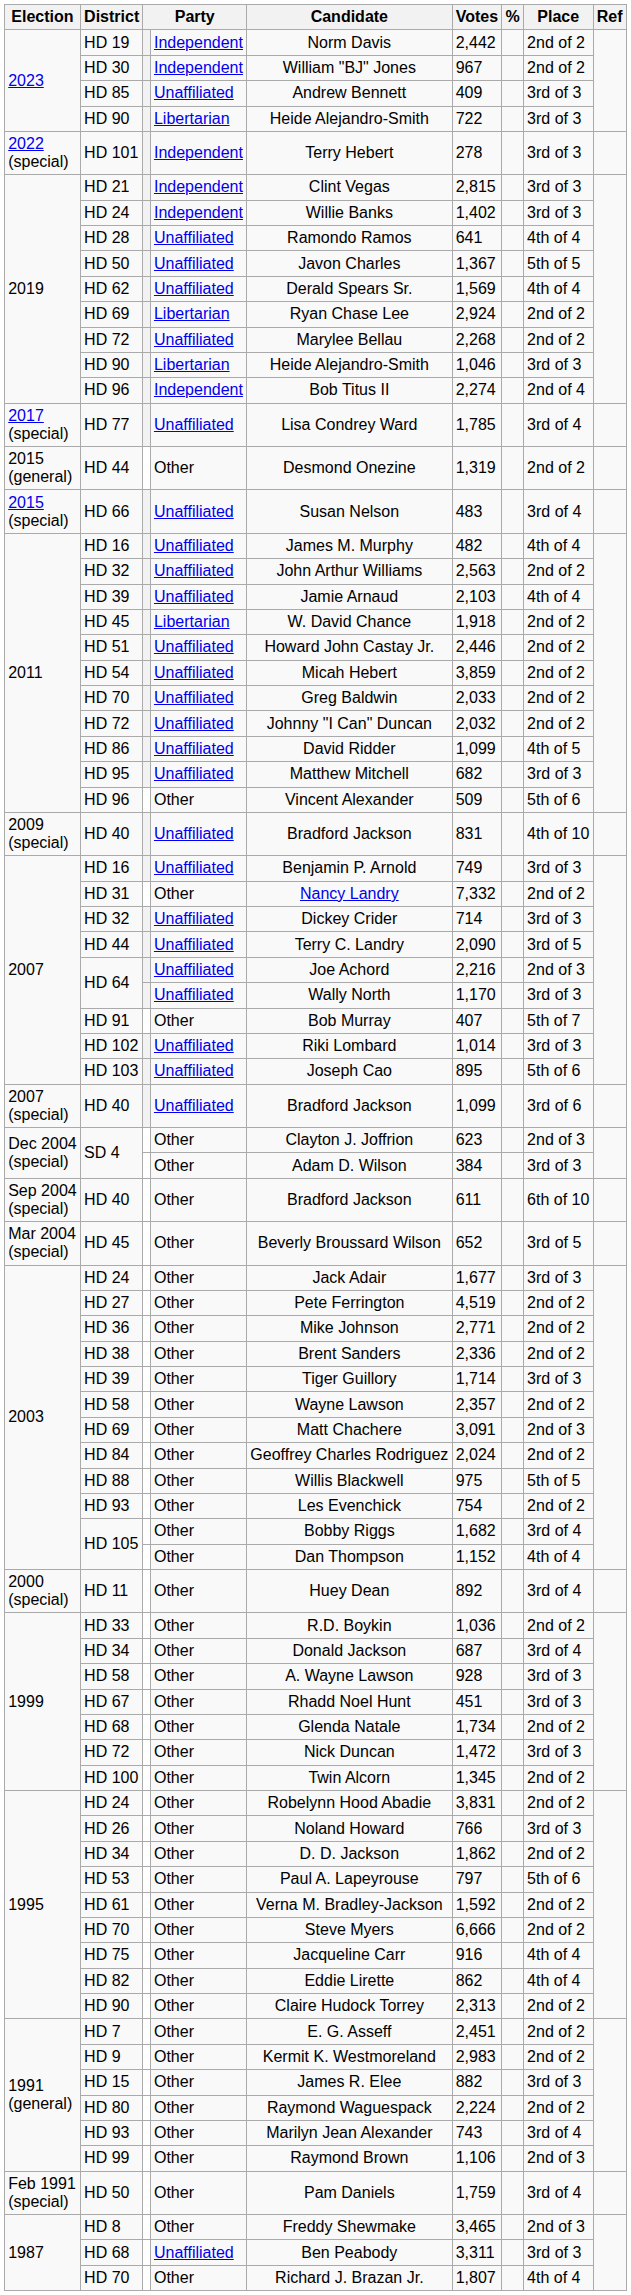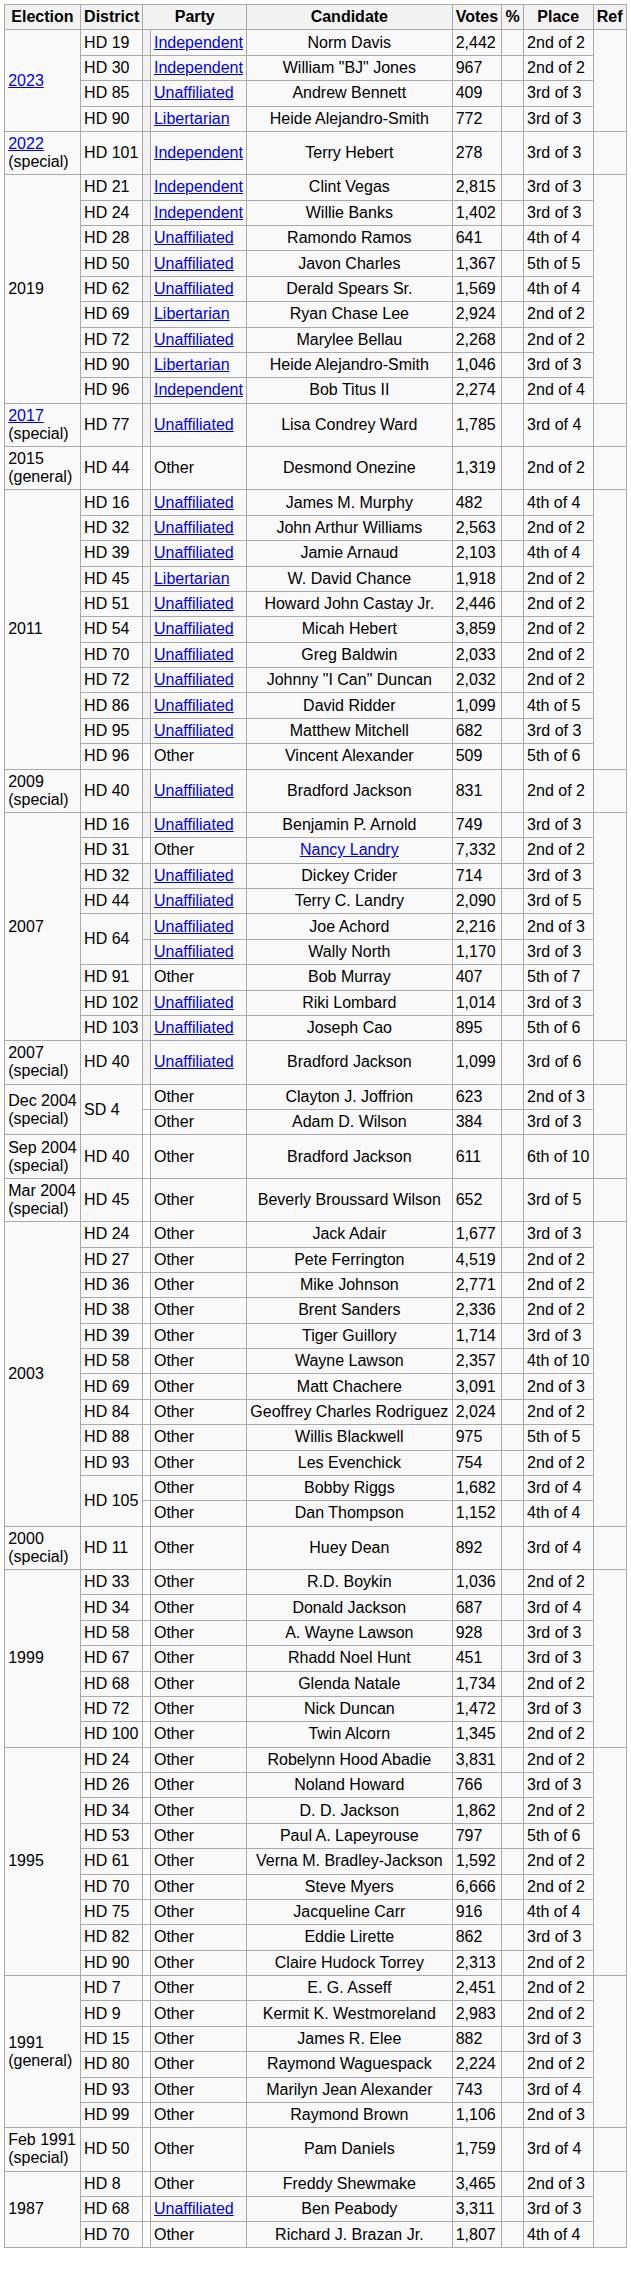 <table class="wikitable sortable">
 <tr>
 <th>Election</th>
 <th>District</th>
 <th colspan=2>Party</th>
 <th>Candidate</th>
 <th>Votes</th>
 <th>%</th>
 <th>Place</th>
 <th>Ref</th>
 </tr>
 <tr>
 <td rowspan=4><a href='#'>2023</a></td>
 <td>HD 19</td>
 <th style="background-color:"></th>
 <td><a href='#'>Independent</a></td>
 <td align="center">Norm Davis</td>
 <td>2,442</td>
 <td></td>
 <td>2nd of 2</td>
 <td rowspan=4></td>
 </tr>
 <tr>
 <td>HD 30</td>
 <th style="background-color:"></th>
 <td><a href='#'>Independent</a></td>
 <td align="center">William "BJ" Jones</td>
 <td>967</td>
 <td></td>
 <td>2nd of 2</td>
 </tr>
 <tr>
 <td>HD 85</td>
 <th style="background-color:"></th>
 <td><a href='#'>Unaffiliated</a></td>
 <td align="center">Andrew Bennett</td>
 <td>409</td>
 <td></td>
 <td>3rd of 3</td>
 </tr>
 <tr>
 <td>HD 90</td>
 <th style="background-color:"></th>
 <td><a href='#'>Libertarian</a></td>
 <td align="center">Heide Alejandro-Smith</td>
-<td>722</td>
+<td>772</td>
 <td></td>
 <td>3rd of 3</td>
 </tr>
 <tr>
 <td rowspan=1><a href='#'>2022</a><br>(special)</td>
 <td>HD 101</td>
 <th style="background-color:"></th>
 <td><a href='#'>Independent</a></td>
 <td align="center">Terry Hebert</td>
 <td>278</td>
 <td></td>
 <td>3rd of 3</td>
 <td rowspan=1></td>
 </tr>
 <tr>
 <td rowspan=9>2019</td>
 <td>HD 21</td>
 <th style="background-color:"></th>
 <td><a href='#'>Independent</a></td>
 <td align="center">Clint Vegas</td>
 <td>2,815</td>
 <td></td>
 <td>3rd of 3</td>
 <td rowspan=9></td>
 </tr>
 <tr>
 <td>HD 24</td>
 <th style="background-color:"></th>
 <td><a href='#'>Independent</a></td>
 <td align="center">Willie Banks</td>
 <td>1,402</td>
 <td></td>
 <td>3rd of 3</td>
 </tr>
 <tr>
 <td>HD 28</td>
 <th style="background-color:"></th>
 <td><a href='#'>Unaffiliated</a></td>
 <td align="center">Ramondo Ramos</td>
 <td>641</td>
 <td></td>
 <td>4th of 4</td>
 </tr>
 <tr>
 <td>HD 50</td>
 <th style="background-color:"></th>
 <td><a href='#'>Unaffiliated</a></td>
 <td align="center">Javon Charles</td>
 <td>1,367</td>
 <td></td>
 <td>5th of 5</td>
 </tr>
 <tr>
 <td>HD 62</td>
 <th style="background-color:"></th>
 <td><a href='#'>Unaffiliated</a></td>
 <td align="center">Derald Spears Sr.</td>
 <td>1,569</td>
 <td></td>
 <td>4th of 4</td>
 </tr>
 <tr>
 <td>HD 69</td>
 <th style="background-color:"></th>
 <td><a href='#'>Libertarian</a></td>
 <td align="center">Ryan Chase Lee</td>
 <td>2,924</td>
 <td></td>
 <td>2nd of 2</td>
 </tr>
 <tr>
 <td>HD 72</td>
 <th style="background-color:"></th>
 <td><a href='#'>Unaffiliated</a></td>
 <td align="center">Marylee Bellau</td>
 <td>2,268</td>
 <td></td>
 <td>2nd of 2</td>
 </tr>
 <tr>
 <td>HD 90</td>
 <th style="background-color:"></th>
 <td><a href='#'>Libertarian</a></td>
 <td align="center">Heide Alejandro-Smith</td>
 <td>1,046</td>
 <td></td>
 <td>3rd of 3</td>
 </tr>
 <tr>
 <td>HD 96</td>
 <th style="background-color:"></th>
 <td><a href='#'>Independent</a></td>
 <td align="center">Bob Titus II</td>
 <td>2,274</td>
 <td></td>
 <td>2nd of 4</td>
 </tr>
 <tr>
 <td rowspan=1><a href='#'>2017</a><br>(special)</td>
 <td>HD 77</td>
 <th style="background-color:"></th>
 <td><a href='#'>Unaffiliated</a></td>
 <td align="center">Lisa Condrey Ward</td>
 <td>1,785</td>
 <td></td>
 <td>3rd of 4</td>
 <td rowspan=1></td>
 </tr>
 <tr>
 <td>2015<br>(general)</td>
 <td>HD 44</td>
 <th style="background-color:#ffffff"></th>
 <td>Other</td>
 <td align="center">Desmond Onezine</td>
 <td>1,319</td>
 <td></td>
 <td>2nd of 2</td>
 <td></td>
 </tr>
 <tr>
-<td rowspan=1><a href='#'>2015</a><br>(special)</td>
-<td>HD 66</td>
-<th style="background-color:"></th>
-<td><a href='#'>Unaffiliated</a></td>
-<td align="center">Susan Nelson</td>
-<td>483</td>
-<td></td>
-<td>3rd of 4</td>
-<td rowspan=1></td>
-</tr>
-<tr>
 <td rowspan=11>2011</td>
 <td>HD 16</td>
 <th style="background-color:"></th>
 <td><a href='#'>Unaffiliated</a></td>
 <td align="center">James M. Murphy</td>
 <td>482</td>
 <td></td>
 <td>4th of 4</td>
 <td rowspan=11></td>
 </tr>
 <tr>
 <td>HD 32</td>
 <th style="background-color:"></th>
 <td><a href='#'>Unaffiliated</a></td>
 <td align="center">John Arthur Williams</td>
 <td>2,563</td>
 <td></td>
 <td>2nd of 2</td>
 </tr>
 <tr>
 <td>HD 39</td>
 <th style="background-color:"></th>
 <td><a href='#'>Unaffiliated</a></td>
 <td align="center">Jamie Arnaud</td>
 <td>2,103</td>
 <td></td>
 <td>4th of 4</td>
 </tr>
 <tr>
 <td>HD 45</td>
 <th style="background-color:"></th>
 <td><a href='#'>Libertarian</a></td>
 <td align="center">W. David Chance</td>
 <td>1,918</td>
 <td></td>
 <td>2nd of 2</td>
 </tr>
 <tr>
 <td>HD 51</td>
 <th style="background-color:"></th>
 <td><a href='#'>Unaffiliated</a></td>
 <td align="center">Howard John Castay Jr.</td>
 <td>2,446</td>
 <td></td>
 <td>2nd of 2</td>
 </tr>
 <tr>
 <td>HD 54</td>
 <th style="background-color:"></th>
 <td><a href='#'>Unaffiliated</a></td>
 <td align="center">Micah Hebert</td>
 <td>3,859</td>
 <td></td>
 <td>2nd of 2</td>
 </tr>
 <tr>
 <td>HD 70</td>
 <th style="background-color:"></th>
 <td><a href='#'>Unaffiliated</a></td>
 <td align="center">Greg Baldwin</td>
 <td>2,033</td>
 <td></td>
 <td>2nd of 2</td>
 </tr>
 <tr>
 <td>HD 72</td>
 <th style="background-color:"></th>
 <td><a href='#'>Unaffiliated</a></td>
 <td align="center">Johnny "I Can" Duncan</td>
 <td>2,032</td>
 <td></td>
 <td>2nd of 2</td>
 </tr>
 <tr>
 <td>HD 86</td>
 <th style="background-color:"></th>
 <td><a href='#'>Unaffiliated</a></td>
 <td align="center">David Ridder</td>
 <td>1,099</td>
 <td></td>
 <td>4th of 5</td>
 </tr>
 <tr>
 <td>HD 95</td>
 <th style="background-color:"></th>
 <td><a href='#'>Unaffiliated</a></td>
 <td align="center">Matthew Mitchell</td>
 <td>682</td>
 <td></td>
 <td>3rd of 3</td>
 </tr>
 <tr>
 <td>HD 96</td>
 <th style="background-color:#ffffff"></th>
 <td>Other</td>
 <td align="center">Vincent Alexander</td>
 <td>509</td>
 <td></td>
 <td>5th of 6</td>
 </tr>
 <tr>
 </tr>
 <tr>
 <td rowspan=1>2009<br>(special)</td>
 <td>HD 40</td>
 <th style="background-color:"></th>
 <td><a href='#'>Unaffiliated</a></td>
 <td align="center">Bradford Jackson</td>
 <td>831</td>
 <td></td>
-<td>4th of 10</td>
+<td>2nd of 2</td>
 <td rowspan=1></td>
 </tr>
 <tr>
 <td rowspan=9>2007</td>
 <td>HD 16</td>
 <th style="background-color:"></th>
 <td><a href='#'>Unaffiliated</a></td>
 <td align="center">Benjamin P. Arnold</td>
 <td>749</td>
 <td></td>
 <td>3rd of 3</td>
 <td rowspan=9></td>
 </tr>
 <tr>
 <td>HD 31</td>
 <th style="background-color:#ffffff"></th>
 <td>Other</td>
 <td align="center"><a href='#'>Nancy Landry</a></td>
 <td>7,332</td>
 <td></td>
 <td>2nd of 2</td>
 </tr>
 <tr>
 <td>HD 32</td>
 <th style="background-color:"></th>
 <td><a href='#'>Unaffiliated</a></td>
 <td align="center">Dickey Crider</td>
 <td>714</td>
 <td></td>
 <td>3rd of 3</td>
 </tr>
 <tr>
 <td>HD 44</td>
 <th style="background-color:"></th>
 <td><a href='#'>Unaffiliated</a></td>
 <td align="center">Terry C. Landry</td>
 <td>2,090</td>
 <td></td>
 <td>3rd of 5</td>
 </tr>
 <tr>
 <td rowspan=2>HD 64</td>
 <th style="background-color:"></th>
 <td><a href='#'>Unaffiliated</a></td>
 <td align="center">Joe Achord</td>
 <td>2,216</td>
 <td></td>
 <td>2nd of 3</td>
 </tr>
 <tr>
 <th style="background-color:"></th>
 <td><a href='#'>Unaffiliated</a></td>
 <td align="center">Wally North</td>
 <td>1,170</td>
 <td></td>
 <td>3rd of 3</td>
 </tr>
 <tr>
 <td>HD 91</td>
 <th style="background-color:#ffffff"></th>
 <td>Other</td>
 <td align="center">Bob Murray</td>
 <td>407</td>
 <td></td>
 <td>5th of 7</td>
 </tr>
 <tr>
 <td>HD 102</td>
 <th style="background-color:"></th>
 <td><a href='#'>Unaffiliated</a></td>
 <td align="center">Riki Lombard</td>
 <td>1,014</td>
 <td></td>
 <td>3rd of 3</td>
 </tr>
 <tr>
 <td>HD 103</td>
 <th style="background-color:"></th>
 <td><a href='#'>Unaffiliated</a></td>
 <td align="center">Joseph Cao</td>
 <td>895</td>
 <td></td>
 <td>5th of 6</td>
 </tr>
 <tr>
 <td rowspan=1>2007<br>(special)</td>
 <td>HD 40</td>
 <th style="background-color:"></th>
 <td><a href='#'>Unaffiliated</a></td>
 <td align="center">Bradford Jackson</td>
 <td>1,099</td>
 <td></td>
 <td>3rd of 6</td>
 <td rowspan=1></td>
 </tr>
 <tr>
 <td rowspan=2>Dec 2004<br>(special)</td>
 <td rowspan=2>SD 4</td>
 <th style="background-color:#ffffff"></th>
 <td>Other</td>
 <td align="center">Clayton J. Joffrion</td>
 <td>623</td>
 <td></td>
 <td>2nd of 3</td>
 <td rowspan=2></td>
 </tr>
 <tr>
 <th style="background-color:#ffffff"></th>
 <td>Other</td>
 <td align="center">Adam D. Wilson</td>
 <td>384</td>
 <td></td>
 <td>3rd of 3</td>
 </tr>
 <tr>
 <td rowspan=1>Sep 2004<br>(special)</td>
 <td>HD 40</td>
 <th style="background-color:#ffffff"></th>
 <td>Other</td>
 <td align="center">Bradford Jackson</td>
 <td>611</td>
 <td></td>
 <td>6th of 10</td>
 <td rowspan=1></td>
 </tr>
 <tr>
 <td rowspan=1>Mar 2004<br>(special)</td>
 <td>HD 45</td>
 <th style="background-color:#ffffff"></th>
 <td>Other</td>
 <td align="center">Beverly Broussard Wilson</td>
 <td>652</td>
 <td></td>
 <td>3rd of 5</td>
 <td rowspan=1></td>
 </tr>
 <tr>
 <td rowspan=12>2003</td>
 <td>HD 24</td>
 <th style="background-color:#ffffff"></th>
 <td>Other</td>
 <td align="center">Jack Adair</td>
 <td>1,677</td>
 <td></td>
 <td>3rd of 3</td>
 <td rowspan=12></td>
 </tr>
 <tr>
 <td>HD 27</td>
 <th style="background-color:#ffffff"></th>
 <td>Other</td>
 <td align="center">Pete Ferrington</td>
 <td>4,519</td>
 <td></td>
 <td>2nd of 2</td>
 </tr>
 <tr>
 <td>HD 36</td>
 <th style="background-color:#ffffff"></th>
 <td>Other</td>
 <td align="center">Mike Johnson</td>
 <td>2,771</td>
 <td></td>
 <td>2nd of 2</td>
 </tr>
 <tr>
 <td>HD 38</td>
 <th style="background-color:#ffffff"></th>
 <td>Other</td>
 <td align="center">Brent Sanders</td>
 <td>2,336</td>
 <td></td>
 <td>2nd of 2</td>
 </tr>
 <tr>
 <td>HD 39</td>
 <th style="background-color:#ffffff"></th>
 <td>Other</td>
 <td align="center">Tiger Guillory</td>
 <td>1,714</td>
 <td></td>
 <td>3rd of 3</td>
 </tr>
 <tr>
 <td>HD 58</td>
 <th style="background-color:#ffffff"></th>
 <td>Other</td>
 <td align="center">Wayne Lawson</td>
 <td>2,357</td>
 <td></td>
-<td>2nd of 2</td>
+<td>4th of 10</td>
 </tr>
 <tr>
 <td>HD 69</td>
 <th style="background-color:#ffffff"></th>
 <td>Other</td>
 <td align="center">Matt Chachere</td>
 <td>3,091</td>
 <td></td>
 <td>2nd of 3</td>
 </tr>
 <tr>
 <td>HD 84</td>
 <th style="background-color:#ffffff"></th>
 <td>Other</td>
 <td align="center">Geoffrey Charles Rodriguez</td>
 <td>2,024</td>
 <td></td>
 <td>2nd of 2</td>
 </tr>
 <tr>
 <td>HD 88</td>
 <th style="background-color:#ffffff"></th>
 <td>Other</td>
 <td align="center">Willis Blackwell</td>
 <td>975</td>
 <td></td>
 <td>5th of 5</td>
 </tr>
 <tr>
 <td>HD 93</td>
 <th style="background-color:#ffffff"></th>
 <td>Other</td>
 <td align="center">Les Evenchick</td>
 <td>754</td>
 <td></td>
 <td>2nd of 2</td>
 </tr>
 <tr>
 <td rowspan=2>HD 105</td>
 <th style="background-color:#ffffff"></th>
 <td>Other</td>
 <td align="center">Bobby Riggs</td>
 <td>1,682</td>
 <td></td>
 <td>3rd of 4</td>
 </tr>
 <tr>
 <th style="background-color:#ffffff"></th>
 <td>Other</td>
 <td align="center">Dan Thompson</td>
 <td>1,152</td>
 <td></td>
 <td>4th of 4</td>
 </tr>
 <tr>
 <td rowspan=1>2000<br>(special)</td>
 <td>HD 11</td>
 <th style="background-color:#ffffff"></th>
 <td>Other</td>
 <td align="center">Huey Dean</td>
 <td>892</td>
 <td></td>
 <td>3rd of 4</td>
 <td rowspan=1></td>
 </tr>
 <tr>
 <td rowspan=7>1999</td>
 <td>HD 33</td>
 <th style="background-color:#ffffff"></th>
 <td>Other</td>
 <td align="center">R.D. Boykin</td>
 <td>1,036</td>
 <td></td>
 <td>2nd of 2</td>
 <td rowspan=7></td>
 </tr>
 <tr>
 <td>HD 34</td>
 <th style="background-color:#ffffff"></th>
 <td>Other</td>
 <td align="center">Donald Jackson</td>
 <td>687</td>
 <td></td>
 <td>3rd of 4</td>
 </tr>
 <tr>
 <td>HD 58</td>
 <th style="background-color:#ffffff"></th>
 <td>Other</td>
 <td align="center">A. Wayne Lawson</td>
 <td>928</td>
 <td></td>
 <td>3rd of 3</td>
 </tr>
 <tr>
 <td>HD 67</td>
 <th style="background-color:#ffffff"></th>
 <td>Other</td>
 <td align="center">Rhadd Noel Hunt</td>
 <td>451</td>
 <td></td>
 <td>3rd of 3</td>
 </tr>
 <tr>
 <td>HD 68</td>
 <th style="background-color:#ffffff"></th>
 <td>Other</td>
 <td align="center">Glenda Natale</td>
 <td>1,734</td>
 <td></td>
 <td>2nd of 2</td>
 </tr>
 <tr>
 <td>HD 72</td>
 <th style="background-color:#ffffff"></th>
 <td>Other</td>
 <td align="center">Nick Duncan</td>
 <td>1,472</td>
 <td></td>
 <td>3rd of 3</td>
 </tr>
 <tr>
 <td>HD 100</td>
 <th style="background-color:#ffffff"></th>
 <td>Other</td>
 <td align="center">Twin Alcorn</td>
 <td>1,345</td>
 <td></td>
 <td>2nd of 2</td>
 </tr>
 <tr>
 <td rowspan=9>1995</td>
 <td>HD 24</td>
 <th style="background-color:#ffffff"></th>
 <td>Other</td>
 <td align="center">Robelynn Hood Abadie</td>
 <td>3,831</td>
 <td></td>
 <td>2nd of 2</td>
 <td rowspan=9></td>
 </tr>
 <tr>
 <td>HD 26</td>
 <th style="background-color:#ffffff"></th>
 <td>Other</td>
 <td align="center">Noland Howard</td>
 <td>766</td>
 <td></td>
 <td>3rd of 3</td>
 </tr>
 <tr>
 <td>HD 34</td>
 <th style="background-color:#ffffff"></th>
 <td>Other</td>
 <td align="center">D. D. Jackson</td>
 <td>1,862</td>
 <td></td>
 <td>2nd of 2</td>
 </tr>
 <tr>
 <td>HD 53</td>
 <th style="background-color:#ffffff"></th>
 <td>Other</td>
 <td align="center">Paul A. Lapeyrouse</td>
 <td>797</td>
 <td></td>
 <td>5th of 6</td>
 </tr>
 <tr>
 <td>HD 61</td>
 <th style="background-color:#ffffff"></th>
 <td>Other</td>
 <td align="center">Verna M. Bradley-Jackson</td>
 <td>1,592</td>
 <td></td>
 <td>2nd of 2</td>
 </tr>
 <tr>
 <td>HD 70</td>
 <th style="background-color:#ffffff"></th>
 <td>Other</td>
 <td align="center">Steve Myers</td>
 <td>6,666</td>
 <td></td>
 <td>2nd of 2</td>
 </tr>
 <tr>
 <td>HD 75</td>
 <th style="background-color:#ffffff"></th>
 <td>Other</td>
 <td align="center">Jacqueline Carr</td>
 <td>916</td>
 <td></td>
 <td>4th of 4</td>
 </tr>
 <tr>
 <td>HD 82</td>
 <th style="background-color:#ffffff"></th>
 <td>Other</td>
 <td align="center">Eddie Lirette</td>
 <td>862</td>
 <td></td>
-<td>4th of 4</td>
+<td>3rd of 3</td>
 </tr>
 <tr>
 <td>HD 90</td>
 <th style="background-color:#ffffff"></th>
 <td>Other</td>
 <td align="center">Claire Hudock Torrey</td>
 <td>2,313</td>
 <td></td>
 <td>2nd of 2</td>
 </tr>
 <tr>
 <td rowspan=6>1991<br>(general)</td>
 <td>HD 7</td>
 <th style="background-color:#ffffff"></th>
 <td>Other</td>
 <td align="center">E. G. Asseff</td>
 <td>2,451</td>
 <td></td>
 <td>2nd of 2</td>
 <td rowspan=6></td>
 </tr>
 <tr>
 <td>HD 9</td>
 <th style="background-color:#ffffff"></th>
 <td>Other</td>
 <td align="center">Kermit K. Westmoreland</td>
 <td>2,983</td>
 <td></td>
 <td>2nd of 2</td>
 </tr>
 <tr>
 <td>HD 15</td>
 <th style="background-color:#ffffff"></th>
 <td>Other</td>
 <td align="center">James R. Elee</td>
 <td>882</td>
 <td></td>
 <td>3rd of 3</td>
 </tr>
 <tr>
 <td>HD 80</td>
 <th style="background-color:#ffffff"></th>
 <td>Other</td>
 <td align="center">Raymond Waguespack</td>
 <td>2,224</td>
 <td></td>
 <td>2nd of 2</td>
 </tr>
 <tr>
 <td>HD 93</td>
 <th style="background-color:#ffffff"></th>
 <td>Other</td>
 <td align="center">Marilyn Jean Alexander</td>
 <td>743</td>
 <td></td>
 <td>3rd of 4</td>
 </tr>
 <tr>
 <td>HD 99</td>
 <th style="background-color:#ffffff"></th>
 <td>Other</td>
 <td align="center">Raymond Brown</td>
 <td>1,106</td>
 <td></td>
 <td>2nd of 3</td>
 </tr>
 <tr>
 <td>Feb 1991<br>(special)</td>
 <td>HD 50</td>
 <th style="background-color:#ffffff"></th>
 <td>Other</td>
 <td align="center">Pam Daniels</td>
 <td>1,759</td>
 <td></td>
 <td>3rd of 4</td>
 <td></td>
 </tr>
 <tr>
 <td rowspan=3>1987</td>
 <td>HD 8</td>
 <th style="background-color:#ffffff"></th>
 <td>Other</td>
 <td align="center">Freddy Shewmake</td>
 <td>3,465</td>
 <td></td>
 <td>2nd of 3</td>
 <td rowspan=3></td>
 </tr>
 <tr>
 <td>HD 68</td>
 <th style="background-color:#ffffff"></th>
 <td><a href='#'>Unaffiliated</a></td>
 <td align="center">Ben Peabody</td>
 <td>3,311</td>
 <td></td>
 <td>3rd of 3</td>
 </tr>
 <tr>
 <td>HD 70</td>
 <th style="background-color:#ffffff"></th>
 <td>Other</td>
 <td align="center">Richard J. Brazan Jr.</td>
 <td>1,807</td>
 <td></td>
 <td>4th of 4</td>
 </tr>
 </table>
